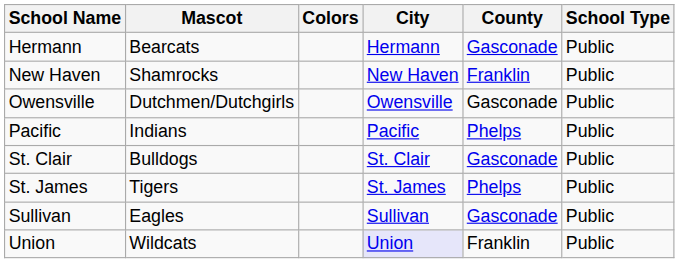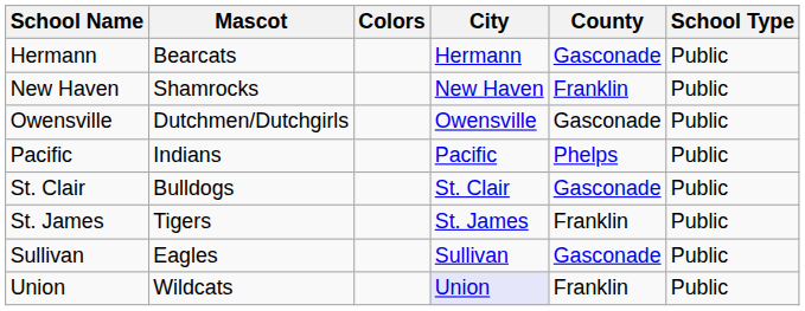 <table class="wikitable">
 <tr>
 <th>School Name</th>
 <th>Mascot</th>
 <th>Colors</th>
 <th>City</th>
 <th>County</th>
 <th>School Type</th>
 </tr>
 <tr>
 <td>Hermann</td>
 <td>Bearcats</td>
 <td> </td>
 <td><a href='#'>Hermann</a></td>
 <td><a href='#'>Gasconade</a></td>
 <td>Public</td>
 </tr>
 <tr>
 <td>New Haven</td>
 <td>Shamrocks</td>
 <td> </td>
 <td><a href='#'>New Haven</a></td>
 <td><a href='#'>Franklin</a></td>
 <td>Public</td>
 </tr>
 <tr>
 <td>Owensville</td>
 <td>Dutchmen/Dutchgirls</td>
 <td> </td>
 <td><a href='#'>Owensville</a></td>
 <td>Gasconade</td>
 <td>Public</td>
 </tr>
 <tr>
 <td>Pacific</td>
 <td>Indians</td>
 <td> </td>
 <td><a href='#'>Pacific</a></td>
 <td><a href='#'>Phelps</a></td>
 <td>Public</td>
 </tr>
 <tr>
 <td>St. Clair</td>
 <td>Bulldogs</td>
 <td> </td>
 <td><a href='#'>St. Clair</a></td>
 <td><a href='#'>Gasconade</a></td>
 <td>Public</td>
 </tr>
 <tr>
 <td>St. James</td>
 <td>Tigers</td>
 <td> </td>
 <td><a href='#'>St. James</a></td>
-<td><a href='#'>Phelps</a></td>
+<td>Franklin</td>
 <td>Public</td>
 </tr>
 <tr>
 <td>Sullivan</td>
 <td>Eagles</td>
 <td> </td>
 <td><a href='#'>Sullivan</a></td>
 <td><a href='#'>Gasconade</a></td>
 <td>Public</td>
 </tr>
 <tr>
 <td>Union</td>
 <td>Wildcats</td>
 <td> </td>
 <td style="background: lavender;"><a href='#'>Union</a></td>
 <td>Franklin</td>
 <td>Public</td>
 </tr>
 </table>
